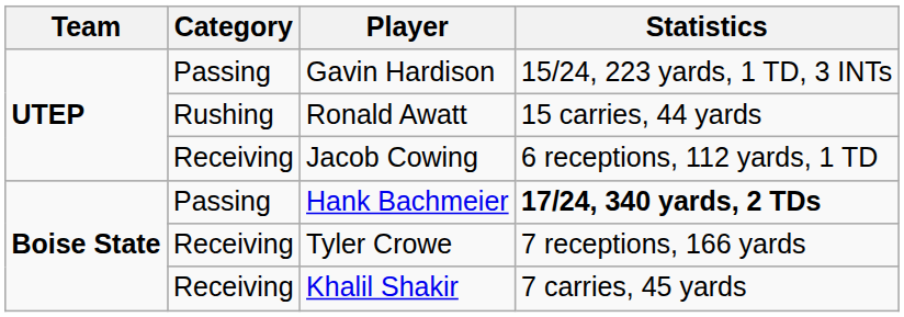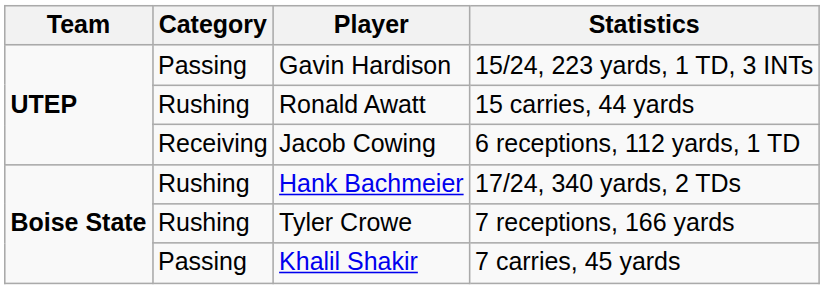 <table class="wikitable" style="float: left;">
 <tr>
 <th>Team</th>
 <th>Category</th>
 <th>Player</th>
 <th>Statistics</th>
 </tr>
 <tr>
 <td rowspan=3><strong>UTEP</strong></td>
 <td>Passing</td>
 <td>Gavin Hardison</td>
 <td>15/24, 223 yards, 1 TD, 3 INTs</td>
 </tr>
 <tr>
 <td>Rushing</td>
 <td>Ronald Awatt</td>
 <td>15 carries, 44 yards</td>
 </tr>
 <tr>
 <td>Receiving</td>
 <td>Jacob Cowing</td>
 <td>6 receptions, 112 yards, 1 TD</td>
 </tr>
 <tr>
 <td rowspan=3><strong>Boise State</strong></td>
-<td>Passing</td>
+<td>Rushing</td>
 <td><a href='#'>Hank Bachmeier</a></td>
-<td><strong>17/24, 340 yards, 2 TDs</strong></td>
+<td>17/24, 340 yards, 2 TDs</td>
 </tr>
 <tr>
-<td>Receiving</td>
+<td>Rushing</td>
 <td>Tyler Crowe</td>
 <td>7 receptions, 166 yards</td>
 </tr>
 <tr>
-<td>Receiving</td>
+<td>Passing</td>
 <td><a href='#'>Khalil Shakir</a></td>
 <td>7 carries, 45 yards</td>
 </tr>
 </table>
